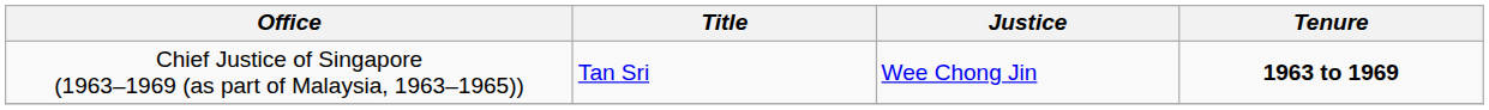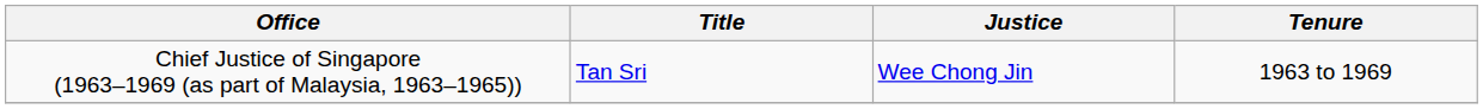 <table class="wikitable">
 <tr>
 <th width=390><em>Office</em></th>
 <th width=205><em>Title</em></th>
 <th width=205><em>Justice</em></th>
 <th width=205><em>Tenure</em></th>
 </tr>
 <tr>
 <td align=center>Chief Justice of Singapore<br>(1963–1969 (as part of Malaysia, 1963–1965))</td>
 <td><a href='#'>Tan Sri</a></td>
 <td><a href='#'>Wee Chong Jin</a></td>
-<td align=center><strong>1963 to 1969</strong></td>
+<td align=center>1963 to 1969</td>
 </tr>
 <tr>
 </tr>
 </table>
